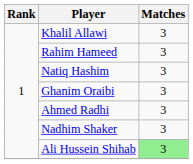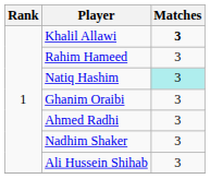 <table class="wikitable" style="text-align: left;">
 <tr>
 <th>Rank</th>
 <th>Player</th>
 <th>Matches</th>
 </tr>
 <tr>
 <td rowspan=7 align=center>1</td>
 <td><a href='#'>Khalil Allawi</a></td>
-<td align=center>3</td>
+<td align=center><strong>3</strong></td>
 </tr>
 <tr>
 <td><a href='#'>Rahim Hameed</a></td>
 <td align=center>3</td>
 </tr>
 <tr>
 <td><a href='#'>Natiq Hashim</a></td>
-<td align=center>3</td>
+<td align=center style="background: paleturquoise;">3</td>
 </tr>
 <tr>
 <td><a href='#'>Ghanim Oraibi</a></td>
 <td align=center>3</td>
 </tr>
 <tr>
 <td><a href='#'>Ahmed Radhi</a></td>
 <td align=center>3</td>
 </tr>
 <tr>
 <td><a href='#'>Nadhim Shaker</a></td>
 <td align=center>3</td>
 </tr>
 <tr>
 <td><a href='#'>Ali Hussein Shihab</a></td>
-<td align=center style="background: lightgreen;">3</td>
+<td align=center>3</td>
 </tr>
 <tr>
 </tr>
 </table>
